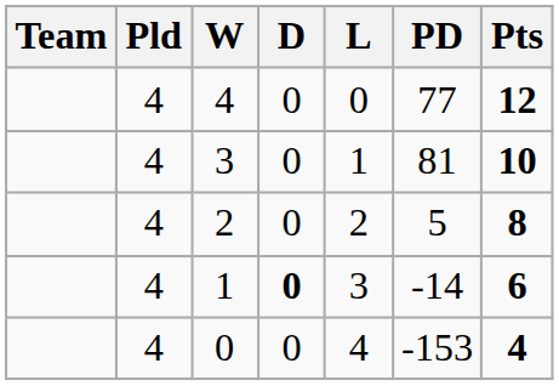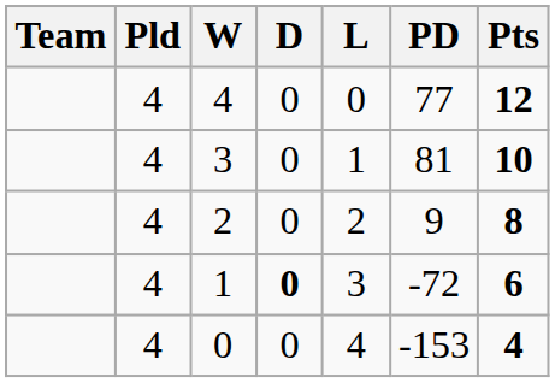 <table class="wikitable" style="text-align:center;">
 <tr>
 <th>Team</th>
 <th width="20" abbr="Played">Pld</th>
 <th width="20" abbr="Won">W</th>
 <th width="20" abbr="Drawn">D</th>
 <th width="20" abbr="Lost">L</th>
 <th width="25" abbr="Points difference">PD</th>
 <th width="20" abbr="Points">Pts</th>
 </tr>
 <tr>
 <td align="left"></td>
 <td>4</td>
 <td>4</td>
 <td>0</td>
 <td>0</td>
 <td>77</td>
 <td><strong>12</strong></td>
 </tr>
 <tr>
 <td align="left"></td>
 <td>4</td>
 <td>3</td>
 <td>0</td>
 <td>1</td>
 <td>81</td>
 <td><strong>10</strong></td>
 </tr>
 <tr>
 <td align="left"></td>
 <td>4</td>
 <td>2</td>
 <td>0</td>
 <td>2</td>
-<td>5</td>
+<td>9</td>
 <td><strong>8</strong></td>
 </tr>
 <tr>
 <td align="left"></td>
 <td>4</td>
 <td>1</td>
 <td><strong>0</strong></td>
 <td>3</td>
-<td>-14</td>
+<td>-72</td>
 <td><strong>6</strong></td>
 </tr>
 <tr>
 <td align="left"></td>
 <td>4</td>
 <td>0</td>
 <td>0</td>
 <td>4</td>
 <td>-153</td>
 <td><strong>4</strong></td>
 </tr>
 </table>
